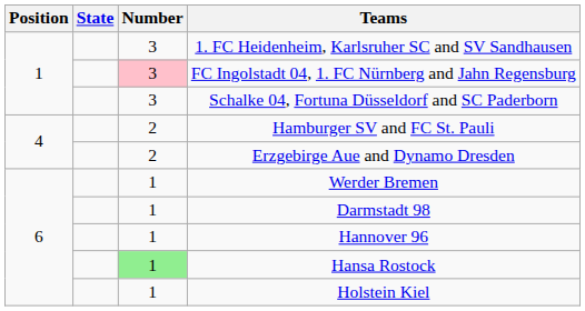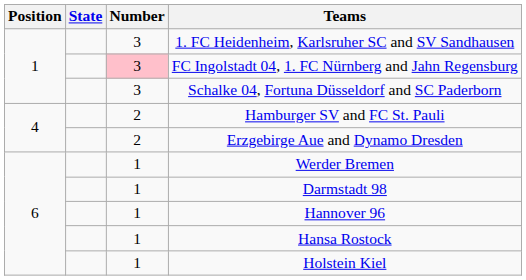 <table class="wikitable">
 <tr>
 <th>Position</th>
 <th><a href='#'>State</a></th>
 <th>Number</th>
 <th>Teams</th>
 </tr>
 <tr>
 <td align=center rowspan="3">1</td>
 <td></td>
 <td align=center>3</td>
 <td align=center><a href='#'>1. FC Heidenheim</a>, <a href='#'>Karlsruher SC</a> and <a href='#'>SV Sandhausen</a></td>
 </tr>
 <tr>
 <td></td>
 <td align=center style="background: pink;">3</td>
 <td align=center><a href='#'>FC Ingolstadt 04</a>, <a href='#'>1. FC Nürnberg</a> and <a href='#'>Jahn Regensburg</a></td>
 </tr>
 <tr>
 <td></td>
 <td align=center>3</td>
 <td align=center><a href='#'>Schalke 04</a>, <a href='#'>Fortuna Düsseldorf</a> and <a href='#'>SC Paderborn</a></td>
 </tr>
 <tr>
 <td align=center rowspan="2">4</td>
 <td></td>
 <td align=center>2</td>
 <td align=center><a href='#'>Hamburger SV</a> and <a href='#'>FC St. Pauli</a></td>
 </tr>
 <tr>
 <td></td>
 <td align=center>2</td>
 <td align=center><a href='#'>Erzgebirge Aue</a> and <a href='#'>Dynamo Dresden</a></td>
 </tr>
 <tr>
 <td align=center rowspan="5">6</td>
 <td></td>
 <td align=center>1</td>
 <td align=center><a href='#'>Werder Bremen</a></td>
 </tr>
 <tr>
 <td></td>
 <td align=center>1</td>
 <td align=center><a href='#'>Darmstadt 98</a></td>
 </tr>
 <tr>
 <td></td>
 <td align=center>1</td>
 <td align=center><a href='#'>Hannover 96</a></td>
 </tr>
 <tr>
 <td></td>
-<td align=center style="background: lightgreen;">1</td>
+<td align=center>1</td>
 <td align=center><a href='#'>Hansa Rostock</a></td>
 </tr>
 <tr>
 <td></td>
 <td align=center>1</td>
 <td align=center><a href='#'>Holstein Kiel</a></td>
 </tr>
 </table>
